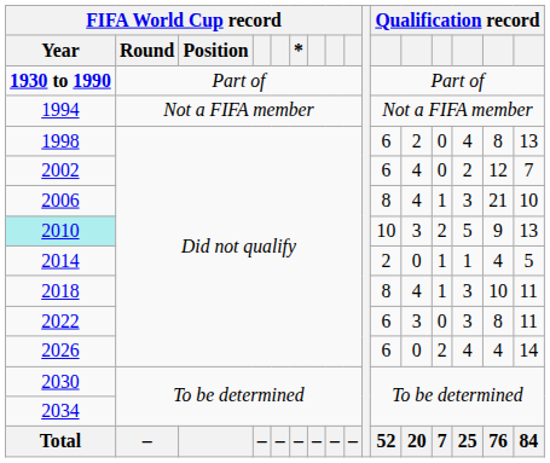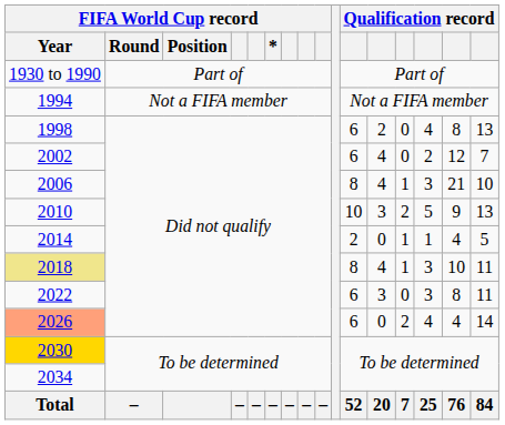 <table class="wikitable" style="text-align: center;">
 <tr>
 <th colspan=9><a href='#'>FIFA World Cup</a> record</th>
 <th rowspan=39></th>
 <th colspan=6><a href='#'>Qualification</a> record</th>
 </tr>
 <tr>
 <th>Year</th>
 <th>Round</th>
 <th>Position</th>
 <th></th>
 <th></th>
 <th>*</th>
 <th></th>
 <th></th>
 <th></th>
 <th></th>
 <th></th>
 <th></th>
 <th></th>
 <th></th>
 <th></th>
 </tr>
 <tr>
-<td><strong><a href='#'>1930</a> to <a href='#'>1990</a></strong></td>
+<td><a href='#'>1930</a> to <a href='#'>1990</a></td>
 <td colspan=8><em>Part of </em></td>
 <td colspan=6><em>Part of </em></td>
 </tr>
 <tr>
 <td> <a href='#'>1994</a></td>
 <td colspan=8><em>Not a FIFA member</em></td>
 <td colspan=6><em>Not a FIFA member</em></td>
 </tr>
 <tr>
 <td> <a href='#'>1998</a></td>
 <td colspan=8 rowspan=8><em>Did not qualify</em></td>
 <td>6</td>
 <td>2</td>
 <td>0</td>
 <td>4</td>
 <td>8</td>
 <td>13</td>
 </tr>
 <tr>
 <td>  <a href='#'>2002</a></td>
 <td>6</td>
 <td>4</td>
 <td>0</td>
 <td>2</td>
 <td>12</td>
 <td>7</td>
 </tr>
 <tr>
 <td> <a href='#'>2006</a></td>
 <td>8</td>
 <td>4</td>
 <td>1</td>
 <td>3</td>
 <td>21</td>
 <td>10</td>
 </tr>
 <tr>
-<td style="background: paleturquoise;"> <a href='#'>2010</a></td>
+<td> <a href='#'>2010</a></td>
 <td>10</td>
 <td>3</td>
 <td>2</td>
 <td>5</td>
 <td>9</td>
 <td>13</td>
 </tr>
 <tr>
 <td> <a href='#'>2014</a></td>
 <td>2</td>
 <td>0</td>
 <td>1</td>
 <td>1</td>
 <td>4</td>
 <td>5</td>
 </tr>
 <tr>
-<td> <a href='#'>2018</a></td>
+<td style="background: khaki;"> <a href='#'>2018</a></td>
 <td>8</td>
 <td>4</td>
 <td>1</td>
 <td>3</td>
 <td>10</td>
 <td>11</td>
 </tr>
 <tr>
 <td> <a href='#'>2022</a></td>
 <td>6</td>
 <td>3</td>
 <td>0</td>
 <td>3</td>
 <td>8</td>
 <td>11</td>
 </tr>
 <tr>
-<td>   <a href='#'>2026</a></td>
+<td style="background: lightsalmon;">   <a href='#'>2026</a></td>
 <td>6</td>
 <td>0</td>
 <td>2</td>
 <td>4</td>
 <td>4</td>
 <td>14</td>
 </tr>
 <tr>
-<td>   <a href='#'>2030</a></td>
+<td style="background: gold;">   <a href='#'>2030</a></td>
 <td colspan=8 rowspan=2><em>To be determined</em></td>
 <td colspan=8 rowspan=2><em>To be determined</em></td>
 </tr>
 <tr>
 <td> <a href='#'>2034</a></td>
 </tr>
 <tr>
 <th>Total</th>
 <th>–</th>
 <th></th>
 <th>–</th>
 <th>–</th>
 <th>–</th>
 <th>–</th>
 <th>–</th>
 <th>–</th>
 <th>52</th>
 <th>20</th>
 <th>7</th>
 <th>25</th>
 <th>76</th>
 <th>84</th>
 </tr>
 </table>
